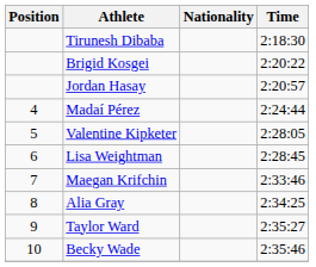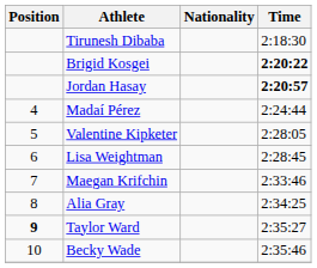 <table class="wikitable sortable">
 <tr>
 <th>Position</th>
 <th>Athlete</th>
 <th>Nationality</th>
 <th>Time</th>
 </tr>
 <tr>
 <td align=center></td>
 <td><a href='#'>Tirunesh Dibaba</a></td>
 <td></td>
 <td>2:18:30</td>
 </tr>
 <tr>
 <td align=center></td>
 <td><a href='#'>Brigid Kosgei</a></td>
 <td></td>
-<td>2:20:22</td>
+<td><strong>2:20:22</strong></td>
 </tr>
 <tr>
 <td align=center></td>
 <td><a href='#'>Jordan Hasay</a></td>
 <td></td>
-<td>2:20:57</td>
+<td><strong>2:20:57</strong></td>
 </tr>
 <tr>
 <td align=center>4</td>
 <td><a href='#'>Madaí Pérez</a></td>
 <td></td>
 <td>2:24:44</td>
 </tr>
 <tr>
 <td align=center>5</td>
 <td><a href='#'>Valentine Kipketer</a></td>
 <td></td>
 <td>2:28:05</td>
 </tr>
 <tr>
 <td align=center>6</td>
 <td><a href='#'>Lisa Weightman</a></td>
 <td></td>
 <td>2:28:45</td>
 </tr>
 <tr>
 <td align=center>7</td>
 <td><a href='#'>Maegan Krifchin</a></td>
 <td></td>
 <td>2:33:46</td>
 </tr>
 <tr>
 <td align=center>8</td>
 <td><a href='#'>Alia Gray</a></td>
 <td></td>
 <td>2:34:25</td>
 </tr>
 <tr>
-<td align=center>9</td>
+<td align=center><strong>9</strong></td>
 <td><a href='#'>Taylor Ward</a></td>
 <td></td>
 <td>2:35:27</td>
 </tr>
 <tr>
 <td align=center>10</td>
 <td><a href='#'>Becky Wade</a></td>
 <td></td>
 <td>2:35:46</td>
 </tr>
 <tr>
 </tr>
 </table>
